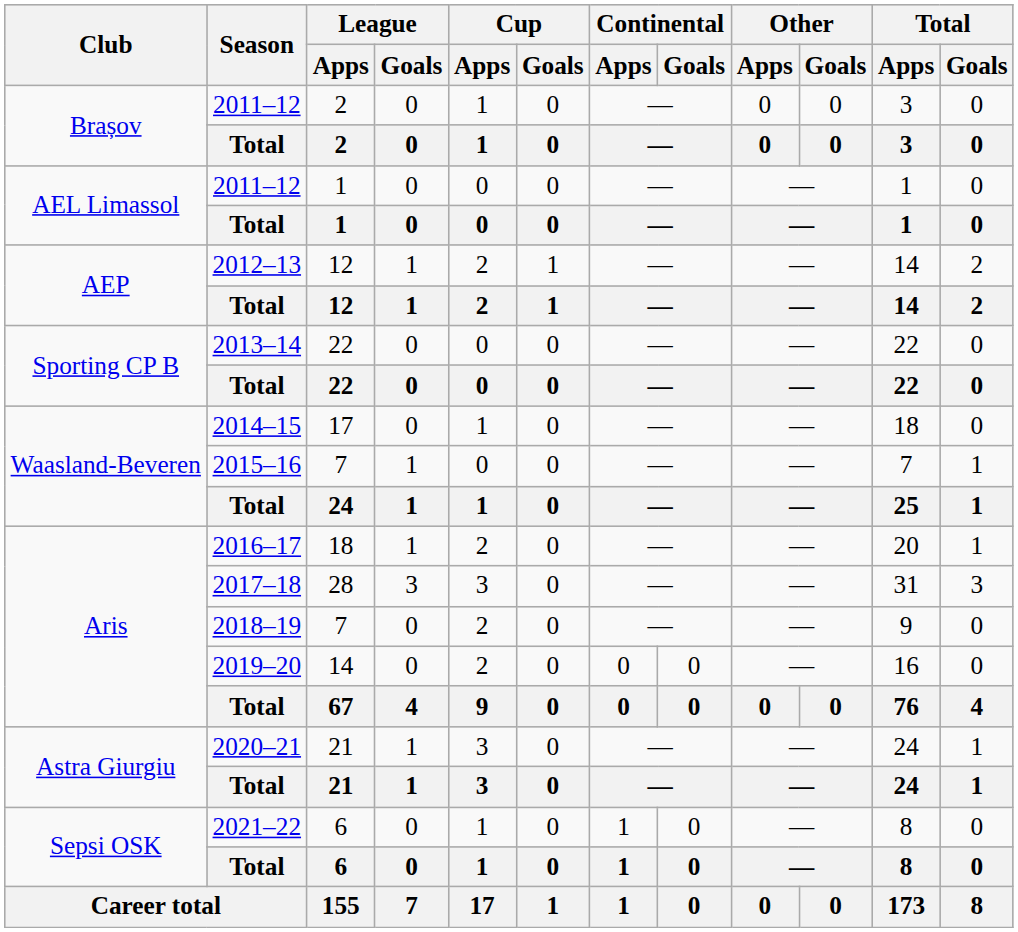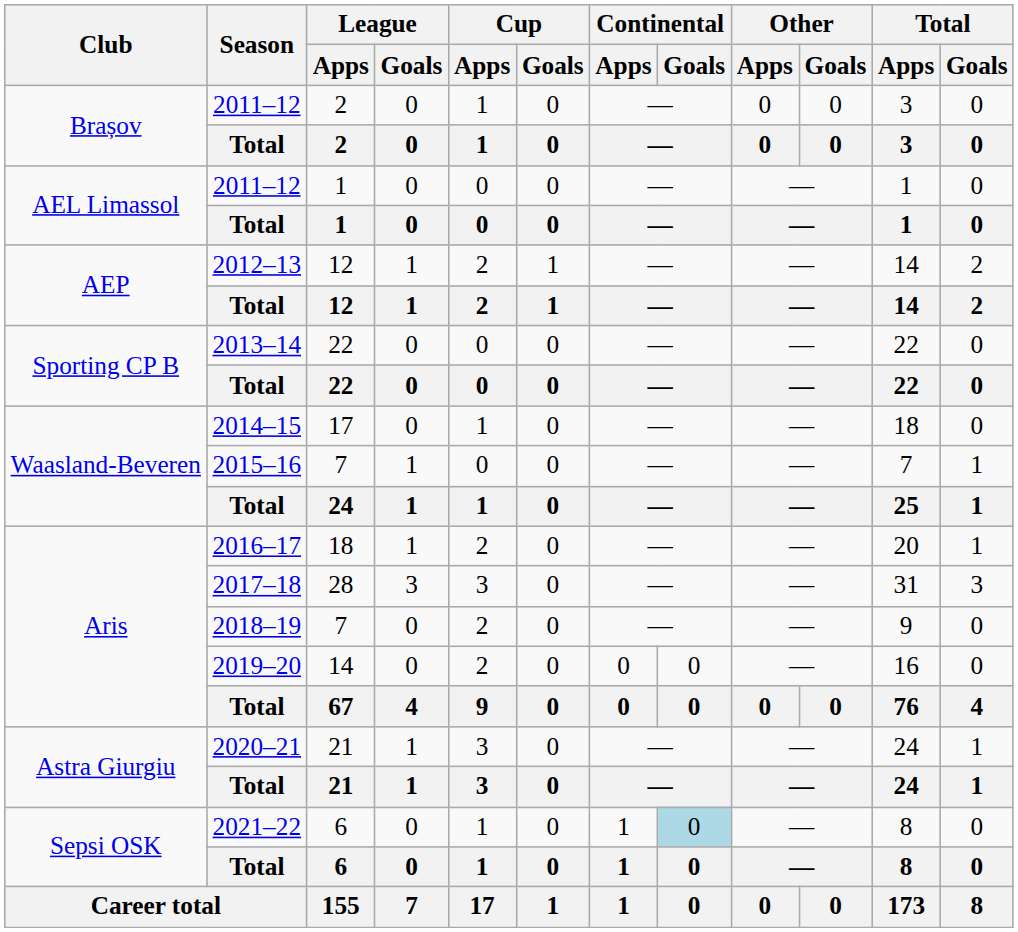 <table class="wikitable" style="text-align:center">
 <tr>
 <th rowspan=2>Club</th>
 <th rowspan=2>Season</th>
 <th colspan=2>League</th>
 <th colspan=2>Cup</th>
 <th colspan=2>Continental</th>
 <th colspan=2>Other</th>
 <th colspan=2>Total</th>
 </tr>
 <tr>
 <th>Apps</th>
 <th>Goals</th>
 <th>Apps</th>
 <th>Goals</th>
 <th>Apps</th>
 <th>Goals</th>
 <th>Apps</th>
 <th>Goals</th>
 <th>Apps</th>
 <th>Goals</th>
 </tr>
 <tr>
 <td rowspan=2><a href='#'>Brașov</a></td>
 <td><a href='#'>2011–12</a></td>
 <td>2</td>
 <td>0</td>
 <td>1</td>
 <td>0</td>
 <td colspan="2">—</td>
 <td>0</td>
 <td>0</td>
 <td>3</td>
 <td>0</td>
 </tr>
 <tr>
 <th>Total</th>
 <th>2</th>
 <th>0</th>
 <th>1</th>
 <th>0</th>
 <th colspan="2">—</th>
 <th>0</th>
 <th>0</th>
 <th>3</th>
 <th>0</th>
 </tr>
 <tr>
 <td rowspan=2><a href='#'>AEL Limassol</a></td>
 <td><a href='#'>2011–12</a></td>
 <td>1</td>
 <td>0</td>
 <td>0</td>
 <td>0</td>
 <td colspan="2">—</td>
 <td colspan="2">—</td>
 <td>1</td>
 <td>0</td>
 </tr>
 <tr>
 <th>Total</th>
 <th>1</th>
 <th>0</th>
 <th>0</th>
 <th>0</th>
 <th colspan="2">—</th>
 <th colspan="2">—</th>
 <th>1</th>
 <th>0</th>
 </tr>
 <tr>
 <td rowspan=2><a href='#'>AEP</a></td>
 <td><a href='#'>2012–13</a></td>
 <td>12</td>
 <td>1</td>
 <td>2</td>
 <td>1</td>
 <td colspan="2">—</td>
 <td colspan="2">—</td>
 <td>14</td>
 <td>2</td>
 </tr>
 <tr>
 <th>Total</th>
 <th>12</th>
 <th>1</th>
 <th>2</th>
 <th>1</th>
 <th colspan="2">—</th>
 <th colspan="2">—</th>
 <th>14</th>
 <th>2</th>
 </tr>
 <tr>
 <td rowspan=2><a href='#'>Sporting CP B</a></td>
 <td><a href='#'>2013–14</a></td>
 <td>22</td>
 <td>0</td>
 <td>0</td>
 <td>0</td>
 <td colspan="2">—</td>
 <td colspan="2">—</td>
 <td>22</td>
 <td>0</td>
 </tr>
 <tr>
 <th>Total</th>
 <th>22</th>
 <th>0</th>
 <th>0</th>
 <th>0</th>
 <th colspan="2">—</th>
 <th colspan="2">—</th>
 <th>22</th>
 <th>0</th>
 </tr>
 <tr>
 <td rowspan=3><a href='#'>Waasland-Beveren</a></td>
 <td><a href='#'>2014–15</a></td>
 <td>17</td>
 <td>0</td>
 <td>1</td>
 <td>0</td>
 <td colspan="2">—</td>
 <td colspan="2">—</td>
 <td>18</td>
 <td>0</td>
 </tr>
 <tr>
 <td><a href='#'>2015–16</a></td>
 <td>7</td>
 <td>1</td>
 <td>0</td>
 <td>0</td>
 <td colspan="2">—</td>
 <td colspan="2">—</td>
 <td>7</td>
 <td>1</td>
 </tr>
 <tr>
 <th>Total</th>
 <th>24</th>
 <th>1</th>
 <th>1</th>
 <th>0</th>
 <th colspan="2">—</th>
 <th colspan="2">—</th>
 <th>25</th>
 <th>1</th>
 </tr>
 <tr>
 <td rowspan=5><a href='#'>Aris</a></td>
 <td><a href='#'>2016–17</a></td>
 <td>18</td>
 <td>1</td>
 <td>2</td>
 <td>0</td>
 <td colspan="2">—</td>
 <td colspan="2">—</td>
 <td>20</td>
 <td>1</td>
 </tr>
 <tr>
 <td><a href='#'>2017–18</a></td>
 <td>28</td>
 <td>3</td>
 <td>3</td>
 <td>0</td>
 <td colspan="2">—</td>
 <td colspan="2">—</td>
 <td>31</td>
 <td>3</td>
 </tr>
 <tr>
 <td><a href='#'>2018–19</a></td>
 <td>7</td>
 <td>0</td>
 <td>2</td>
 <td>0</td>
 <td colspan="2">—</td>
 <td colspan="2">—</td>
 <td>9</td>
 <td>0</td>
 </tr>
 <tr>
 <td><a href='#'>2019–20</a></td>
 <td>14</td>
 <td>0</td>
 <td>2</td>
 <td>0</td>
 <td>0</td>
 <td>0</td>
 <td colspan="2">—</td>
 <td>16</td>
 <td>0</td>
 </tr>
 <tr>
 <th>Total</th>
 <th>67</th>
 <th>4</th>
 <th>9</th>
 <th>0</th>
 <th>0</th>
 <th>0</th>
 <th>0</th>
 <th>0</th>
 <th>76</th>
 <th>4</th>
 </tr>
 <tr>
 <td rowspan=2><a href='#'>Astra Giurgiu</a></td>
 <td><a href='#'>2020–21</a></td>
 <td>21</td>
 <td>1</td>
 <td>3</td>
 <td>0</td>
 <td colspan="2">—</td>
 <td colspan="2">—</td>
 <td>24</td>
 <td>1</td>
 </tr>
 <tr>
 <th>Total</th>
 <th>21</th>
 <th>1</th>
 <th>3</th>
 <th>0</th>
 <th colspan="2">—</th>
 <th colspan="2">—</th>
 <th>24</th>
 <th>1</th>
 </tr>
 <tr>
 <td rowspan=2><a href='#'>Sepsi OSK</a></td>
 <td><a href='#'>2021–22</a></td>
 <td>6</td>
 <td>0</td>
 <td>1</td>
 <td>0</td>
 <td>1</td>
-<td>0</td>
+<td style="background: lightblue;">0</td>
 <td colspan="2">—</td>
 <td>8</td>
 <td>0</td>
 </tr>
 <tr>
 <th>Total</th>
 <th>6</th>
 <th>0</th>
 <th>1</th>
 <th>0</th>
 <th>1</th>
 <th>0</th>
 <th colspan="2">—</th>
 <th>8</th>
 <th>0</th>
 </tr>
 <tr>
 <th colspan=2>Career total</th>
 <th>155</th>
 <th>7</th>
 <th>17</th>
 <th>1</th>
 <th>1</th>
 <th>0</th>
 <th>0</th>
 <th>0</th>
 <th>173</th>
 <th>8</th>
 </tr>
 </table>
